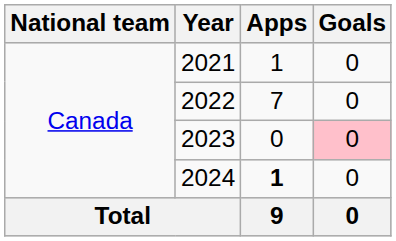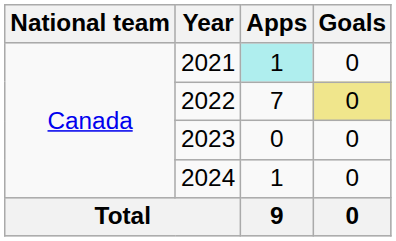 <table class="wikitable" style="text-align:center">
 <tr>
 <th>National team</th>
 <th>Year</th>
 <th>Apps</th>
 <th>Goals</th>
 </tr>
 <tr>
 <td rowspan="4"><a href='#'>Canada</a></td>
 <td>2021</td>
-<td>1</td>
+<td style="background: paleturquoise;">1</td>
 <td>0</td>
 </tr>
 <tr>
 <td>2022</td>
 <td>7</td>
-<td>0</td>
+<td style="background: khaki;">0</td>
 </tr>
 <tr>
 <td>2023</td>
 <td>0</td>
-<td style="background: pink;">0</td>
+<td>0</td>
 </tr>
 <tr>
 <td>2024</td>
-<td><strong>1</strong></td>
+<td>1</td>
 <td>0</td>
 </tr>
 <tr>
 <th colspan="2">Total</th>
 <th>9</th>
 <th>0</th>
 </tr>
 </table>
